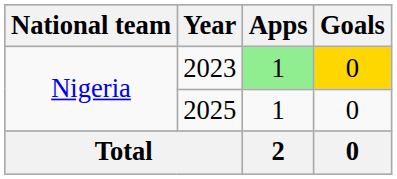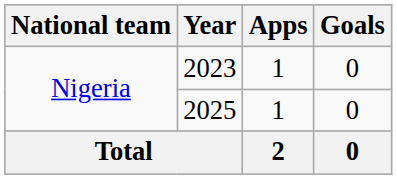 <table class="wikitable" style="text-align:center">
 <tr>
 <th>National team</th>
 <th>Year</th>
 <th>Apps</th>
 <th>Goals</th>
 </tr>
 <tr>
 <td rowspan="2"><a href='#'>Nigeria</a></td>
 <td>2023</td>
-<td style="background: lightgreen;">1</td>
-<td style="background: gold;">0</td>
+<td>1</td>
+<td>0</td>
 </tr>
 <tr>
 <td>2025</td>
 <td>1</td>
 <td>0</td>
 </tr>
 <tr>
 <th colspan="2">Total</th>
 <th>2</th>
 <th>0</th>
 </tr>
 </table>
